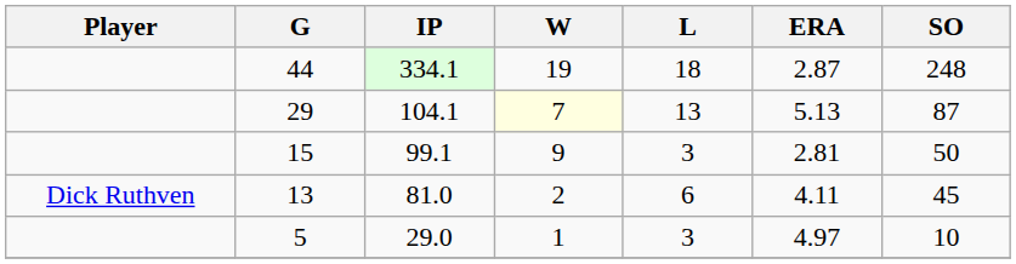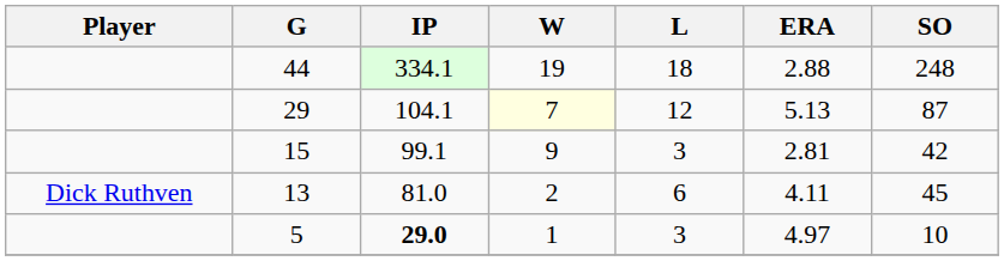 <table class="wikitable sortable">
 <tr>
 <th bgcolor="#DDDDFF" width="16%">Player</th>
 <th bgcolor="#DDDDFF" width="9%">G</th>
 <th bgcolor="#DDDDFF" width="9%">IP</th>
 <th bgcolor="#DDDDFF" width="9%">W</th>
 <th bgcolor="#DDDDFF" width="9%">L</th>
 <th bgcolor="#DDDDFF" width="9%">ERA</th>
 <th bgcolor="#DDDDFF" width="9%">SO</th>
 </tr>
 <tr align="center">
 <td></td>
 <td>44</td>
 <td style="background:#DDFFDD;">334.1</td>
 <td>19</td>
 <td>18</td>
-<td>2.87</td>
+<td>2.88</td>
 <td>248</td>
 </tr>
 <tr align="center">
 <td></td>
 <td>29</td>
 <td>104.1</td>
 <td style="background: lightyellow;">7</td>
-<td>13</td>
+<td>12</td>
 <td>5.13</td>
 <td>87</td>
 </tr>
 <tr align="center">
 <td></td>
 <td>15</td>
 <td>99.1</td>
 <td>9</td>
 <td>3</td>
 <td>2.81</td>
-<td>50</td>
+<td>42</td>
 </tr>
 <tr align="center">
 <td><a href='#'>Dick Ruthven</a></td>
 <td>13</td>
 <td>81.0</td>
 <td>2</td>
 <td>6</td>
 <td>4.11</td>
 <td>45</td>
 </tr>
 <tr align=center>
 <td></td>
 <td>5</td>
-<td>29.0</td>
+<td><strong>29.0</strong></td>
 <td>1</td>
 <td>3</td>
 <td>4.97</td>
 <td>10</td>
 </tr>
 <tr align="center">
 </tr>
 </table>
